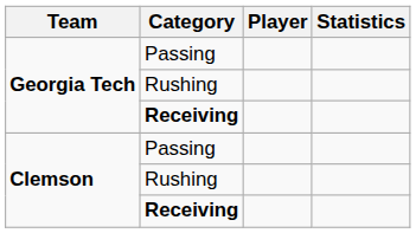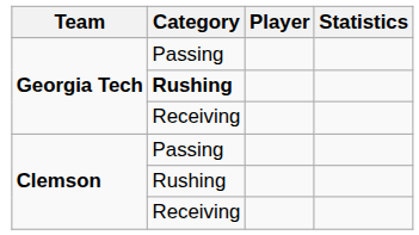 <table class="wikitable" style="float: right;">
 <tr>
 <th>Team</th>
 <th>Category</th>
 <th>Player</th>
 <th>Statistics</th>
 </tr>
 <tr>
 <td rowspan=3><strong>Georgia Tech</strong></td>
 <td>Passing</td>
 <td></td>
 <td></td>
 </tr>
 <tr>
-<td>Rushing</td>
+<td><strong>Rushing</strong></td>
 <td></td>
 <td></td>
 </tr>
 <tr>
-<td><strong>Receiving</strong></td>
+<td>Receiving</td>
 <td></td>
 <td></td>
 </tr>
 <tr>
 <td rowspan=3><strong>Clemson</strong></td>
 <td>Passing</td>
 <td></td>
 <td></td>
 </tr>
 <tr>
 <td>Rushing</td>
 <td></td>
 <td></td>
 </tr>
 <tr>
-<td><strong>Receiving</strong></td>
+<td>Receiving</td>
 <td></td>
 <td></td>
 </tr>
 </table>
